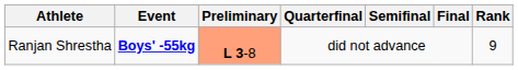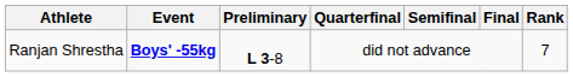 <table class="wikitable" style="text-align:left; font-size:90%">
 <tr>
 <th>Athlete</th>
 <th>Event</th>
 <th>Preliminary</th>
 <th>Quarterfinal</th>
 <th>Semifinal</th>
 <th>Final</th>
 <th>Rank</th>
 </tr>
 <tr>
 <td>Ranjan Shrestha</td>
 <td><strong><a href='#'>Boys' -55kg</a></strong></td>
-<td align=center style="background: lightsalmon;"> <br> <strong>L</strong> <strong>3</strong>-8</td>
+<td align=center> <br> <strong>L</strong> <strong>3</strong>-8</td>
 <td align=center colspan=3>did not advance</td>
-<td align=center>9</td>
+<td align=center>7</td>
 </tr>
 </table>
